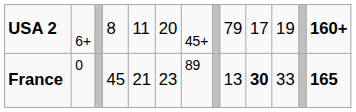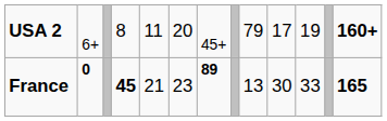 <table class=wikitable>
 <tr>
 <td><strong>USA 2</strong></td>
 <td><br><sub><span>6+</span></sub></td>
 <td bgcolor=c0c0c0></td>
 <td>8</td>
 <td>11</td>
 <td>20</td>
 <td><br><sub><span>45+</span></sub></td>
 <td bgcolor=c0c0c0></td>
 <td>79</td>
 <td>17</td>
 <td>19</td>
 <td bgcolor=c0c0c0></td>
 <td><strong>160+</strong></td>
 </tr>
 <tr>
 <td><strong>France</strong> </td>
-<td><sup><span>0<br> </span></sup></td>
+<td><strong><sup><span>0<br> </span></sup></strong></td>
 <td bgcolor=c0c0c0></td>
-<td>45</td>
+<td><strong>45</strong></td>
 <td>21</td>
 <td>23</td>
-<td><sup><span>89<br> </span></sup></td>
+<td><strong><sup><span>89<br> </span></sup></strong></td>
 <td bgcolor=c0c0c0></td>
 <td>13</td>
-<td><strong>30</strong></td>
+<td>30</td>
 <td>33</td>
 <td bgcolor=c0c0c0></td>
 <td><strong>165</strong></td>
 </tr>
 </table>
